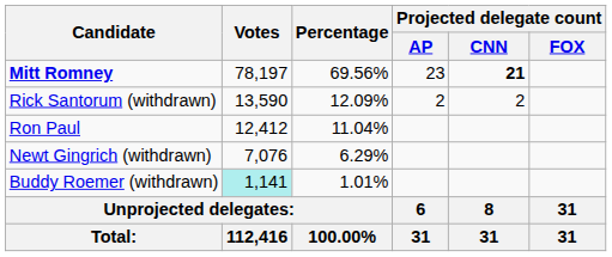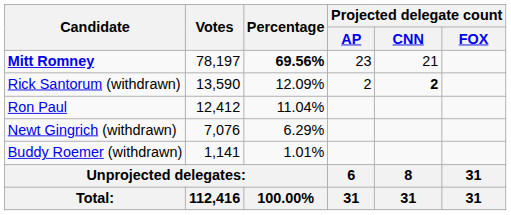 <table class="wikitable" style="text-align:right;">
 <tr>
 <th rowspan="2">Candidate</th>
 <th rowspan="2">Votes</th>
 <th rowspan="2">Percentage</th>
 <th colspan="3">Projected delegate count</th>
 </tr>
 <tr>
 <th><a href='#'>AP</a></th>
 <th><a href='#'>CNN</a><br></th>
 <th><a href='#'>FOX</a><br></th>
 </tr>
 <tr>
 <td style="text-align:left;"> <strong><a href='#'>Mitt Romney</a></strong></td>
 <td>78,197</td>
-<td>69.56%</td>
+<td><strong>69.56%</strong></td>
 <td>23</td>
-<td><strong>21</strong></td>
+<td>21</td>
 <td></td>
 </tr>
 <tr>
 <td style="text-align:left;"><a href='#'>Rick Santorum</a> (withdrawn)</td>
 <td>13,590</td>
 <td>12.09%</td>
 <td>2</td>
-<td>2</td>
+<td><strong>2</strong></td>
 <td></td>
 </tr>
 <tr>
 <td style="text-align:left;"><a href='#'>Ron Paul</a></td>
 <td>12,412</td>
 <td>11.04%</td>
 <td></td>
 <td></td>
 <td></td>
 </tr>
 <tr>
 <td style="text-align:left;"><a href='#'>Newt Gingrich</a> (withdrawn)</td>
 <td>7,076</td>
 <td>6.29%</td>
 <td></td>
 <td></td>
 <td></td>
 </tr>
 <tr>
 <td style="text-align:left;"><a href='#'>Buddy Roemer</a> (withdrawn)</td>
-<td style="background: paleturquoise;">1,141</td>
+<td>1,141</td>
 <td>1.01%</td>
 <td></td>
 <td></td>
 <td></td>
 </tr>
 <tr style="background:#eee;">
 <th colspan="3">Unprojected delegates:</th>
 <th>6</th>
 <th>8</th>
 <th>31</th>
 </tr>
 <tr style="background:#eee;">
 <th>Total:</th>
 <th>112,416</th>
 <th>100.00%</th>
 <th>31</th>
 <th>31</th>
 <th>31</th>
 </tr>
 </table>
